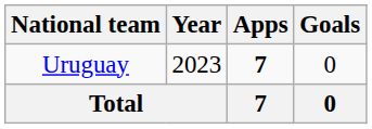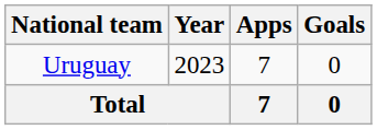 <table class="wikitable" style="text-align:center">
 <tr>
 <th>National team</th>
 <th>Year</th>
 <th>Apps</th>
 <th>Goals</th>
 </tr>
 <tr>
 <td rowspan=1><a href='#'>Uruguay</a></td>
 <td>2023</td>
-<td><strong>7</strong></td>
+<td>7</td>
 <td>0</td>
 </tr>
 <tr>
 <th colspan=2>Total</th>
 <th>7</th>
 <th>0</th>
 </tr>
 </table>
